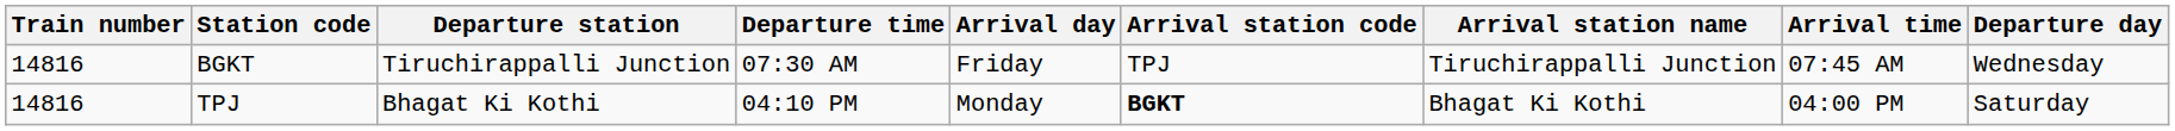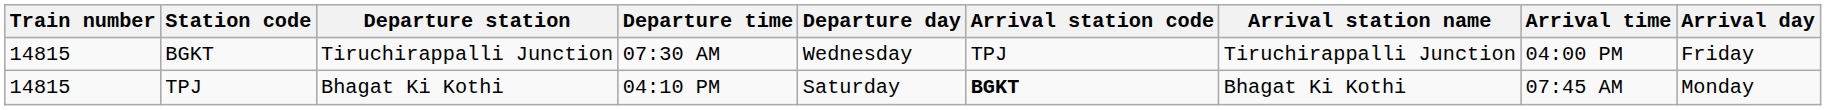 <table class="wikitable">
 <tr>
 <th>Train number</th>
 <th>Station code</th>
 <th>Departure station</th>
 <th>Departure time</th>
-<th>Arrival day</th>
+<th>Departure day</th>
 <th>Arrival station code</th>
 <th>Arrival station name</th>
 <th>Arrival time</th>
-<th>Departure day</th>
+<th>Arrival day</th>
 </tr>
 <tr>
-<td>14816</td>
+<td>14815</td>
 <td>BGKT</td>
 <td>Tiruchirappalli Junction</td>
 <td>07:30 AM</td>
-<td>Friday</td>
+<td>Wednesday</td>
 <td>TPJ</td>
 <td>Tiruchirappalli Junction</td>
-<td>07:45 AM</td>
-<td>Wednesday</td>
+<td>04:00 PM</td>
+<td>Friday</td>
 </tr>
 <tr>
-<td>14816</td>
+<td>14815</td>
 <td>TPJ</td>
 <td>Bhagat Ki Kothi</td>
 <td>04:10 PM</td>
-<td>Monday</td>
+<td>Saturday</td>
 <td><strong>BGKT</strong></td>
 <td>Bhagat Ki Kothi</td>
-<td>04:00 PM</td>
-<td>Saturday</td>
+<td>07:45 AM</td>
+<td>Monday</td>
 </tr>
 </table>
